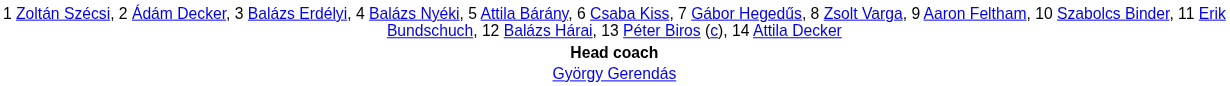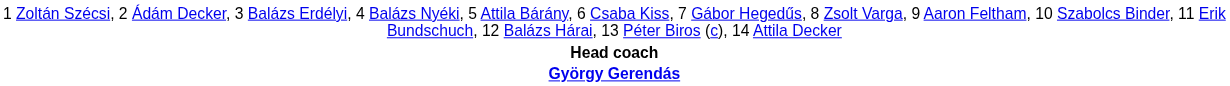 <table style="text-align: center; margin-top: 2em; margin-left: auto; margin-right: auto">
 <tr>
 <td>1 <a href='#'>Zoltán Szécsi</a>, 2 <a href='#'>Ádám Decker</a>, 3 <a href='#'>Balázs Erdélyi</a>, 4 <a href='#'>Balázs Nyéki</a>, 5 <a href='#'>Attila Bárány</a>, 6 <a href='#'>Csaba Kiss</a>, 7 <a href='#'>Gábor Hegedűs</a>, 8 <a href='#'>Zsolt Varga</a>, 9 <a href='#'>Aaron Feltham</a>, 10 <a href='#'>Szabolcs Binder</a>, 11 <a href='#'>Erik Bundschuch</a>, 12 <a href='#'>Balázs Hárai</a>, 13 <a href='#'>Péter Biros</a> (<a href='#'>c</a>), 14 <a href='#'>Attila Decker</a></td>
 </tr>
 <tr>
 <td><strong>Head coach</strong></td>
 </tr>
 <tr>
-<td><a href='#'>György Gerendás</a></td>
+<td><strong><a href='#'>György Gerendás</a></strong></td>
 </tr>
 </table>
